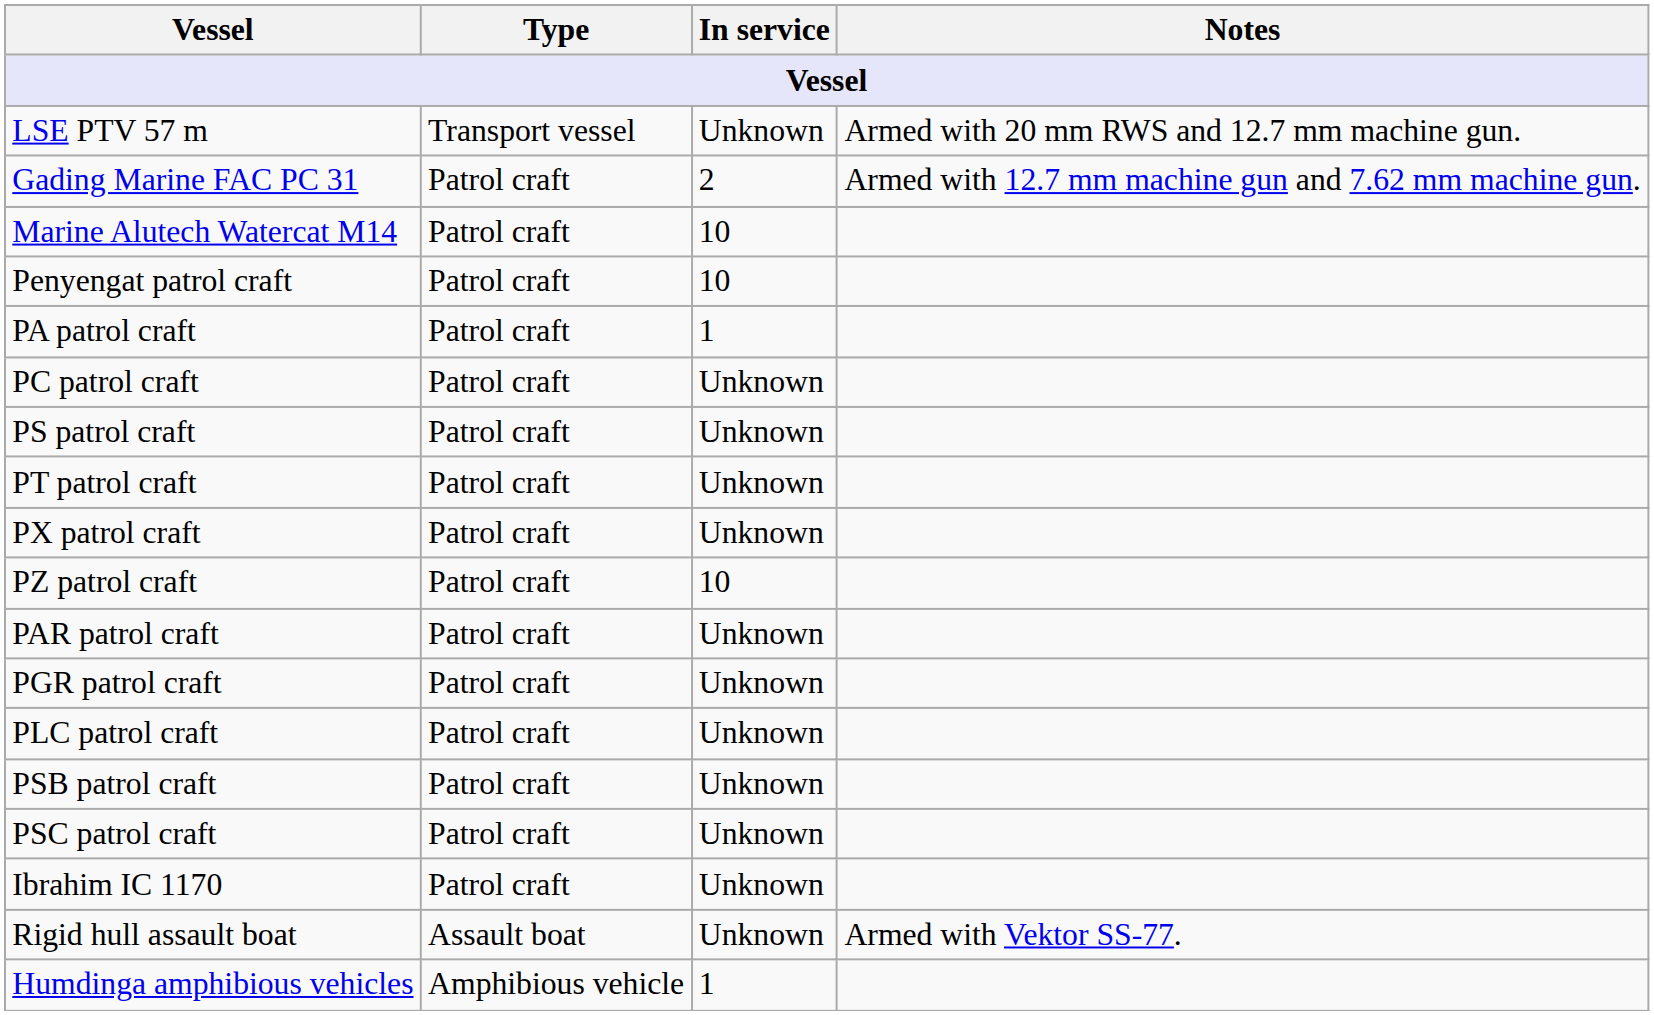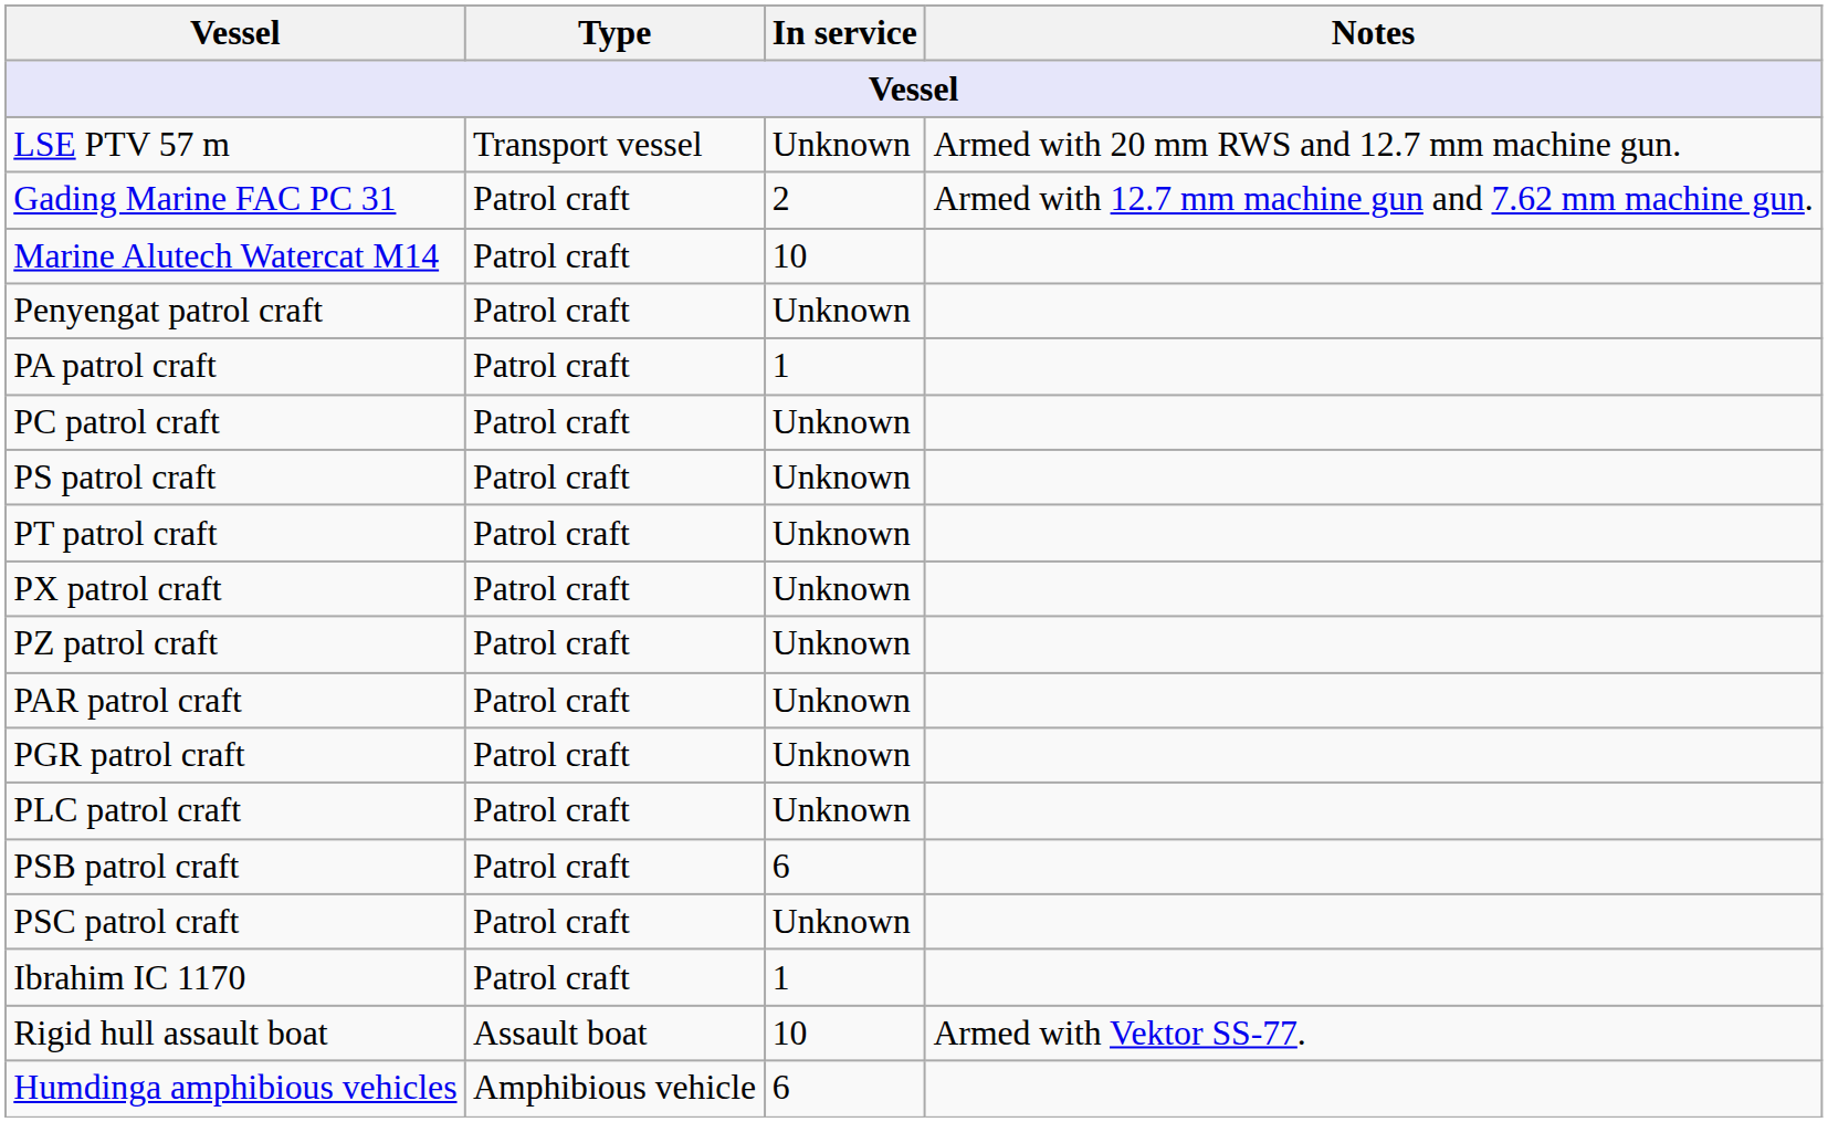 <table class="wikitable">
 <tr>
 <th style="text-align: center;">Vessel</th>
 <th style="text-align: center;">Type</th>
 <th style="text-align: center;">In service</th>
 <th style="text-align: center;">Notes</th>
 </tr>
 <tr>
 <th style="align: center; background: lavender;" colspan="7">Vessel</th>
 </tr>
 <tr>
 <td><a href='#'>LSE</a> PTV 57 m</td>
 <td>Transport vessel</td>
 <td>Unknown</td>
 <td>Armed with 20 mm RWS and 12.7 mm machine gun.</td>
 </tr>
 <tr>
 <td><a href='#'>Gading Marine FAC PC 31</a></td>
 <td>Patrol craft</td>
 <td>2</td>
 <td>Armed with <a href='#'>12.7 mm machine gun</a> and <a href='#'>7.62 mm machine gun</a>.</td>
 </tr>
 <tr>
 <td><a href='#'>Marine Alutech Watercat M14</a></td>
 <td>Patrol craft</td>
 <td>10</td>
 <td></td>
 </tr>
 <tr>
 <td>Penyengat patrol craft</td>
 <td>Patrol craft</td>
-<td>10</td>
+<td>Unknown</td>
 <td></td>
 </tr>
 <tr>
 <td>PA patrol craft</td>
 <td>Patrol craft</td>
 <td>1</td>
 <td></td>
 </tr>
 <tr>
 <td>PC patrol craft</td>
 <td>Patrol craft</td>
 <td>Unknown</td>
 <td></td>
 </tr>
 <tr>
 <td>PS patrol craft</td>
 <td>Patrol craft</td>
 <td>Unknown</td>
 <td></td>
 </tr>
 <tr>
 <td>PT patrol craft</td>
 <td>Patrol craft</td>
 <td>Unknown</td>
 <td></td>
 </tr>
 <tr>
 <td>PX patrol craft</td>
 <td>Patrol craft</td>
 <td>Unknown</td>
 <td></td>
 </tr>
 <tr>
 <td>PZ patrol craft</td>
 <td>Patrol craft</td>
-<td>10</td>
+<td>Unknown</td>
 <td></td>
 </tr>
 <tr>
 <td>PAR patrol craft</td>
 <td>Patrol craft</td>
 <td>Unknown</td>
 <td></td>
 </tr>
 <tr>
 <td>PGR patrol craft</td>
 <td>Patrol craft</td>
 <td>Unknown</td>
 <td></td>
 </tr>
 <tr>
 <td>PLC patrol craft</td>
 <td>Patrol craft</td>
 <td>Unknown</td>
 <td></td>
 </tr>
 <tr>
 <td>PSB patrol craft</td>
 <td>Patrol craft</td>
-<td>Unknown</td>
+<td>6</td>
 <td></td>
 </tr>
 <tr>
 <td>PSC patrol craft</td>
 <td>Patrol craft</td>
 <td>Unknown</td>
 <td></td>
 </tr>
 <tr>
 <td>Ibrahim IC 1170</td>
 <td>Patrol craft</td>
-<td>Unknown</td>
+<td>1</td>
 <td></td>
 </tr>
 <tr>
 <td>Rigid hull assault boat</td>
 <td>Assault boat</td>
-<td>Unknown</td>
+<td>10</td>
 <td>Armed with <a href='#'>Vektor SS-77</a>.</td>
 </tr>
 <tr>
 <td><a href='#'>Humdinga amphibious vehicles</a></td>
 <td>Amphibious vehicle</td>
-<td>1</td>
+<td>6</td>
 <td></td>
 </tr>
 </table>
